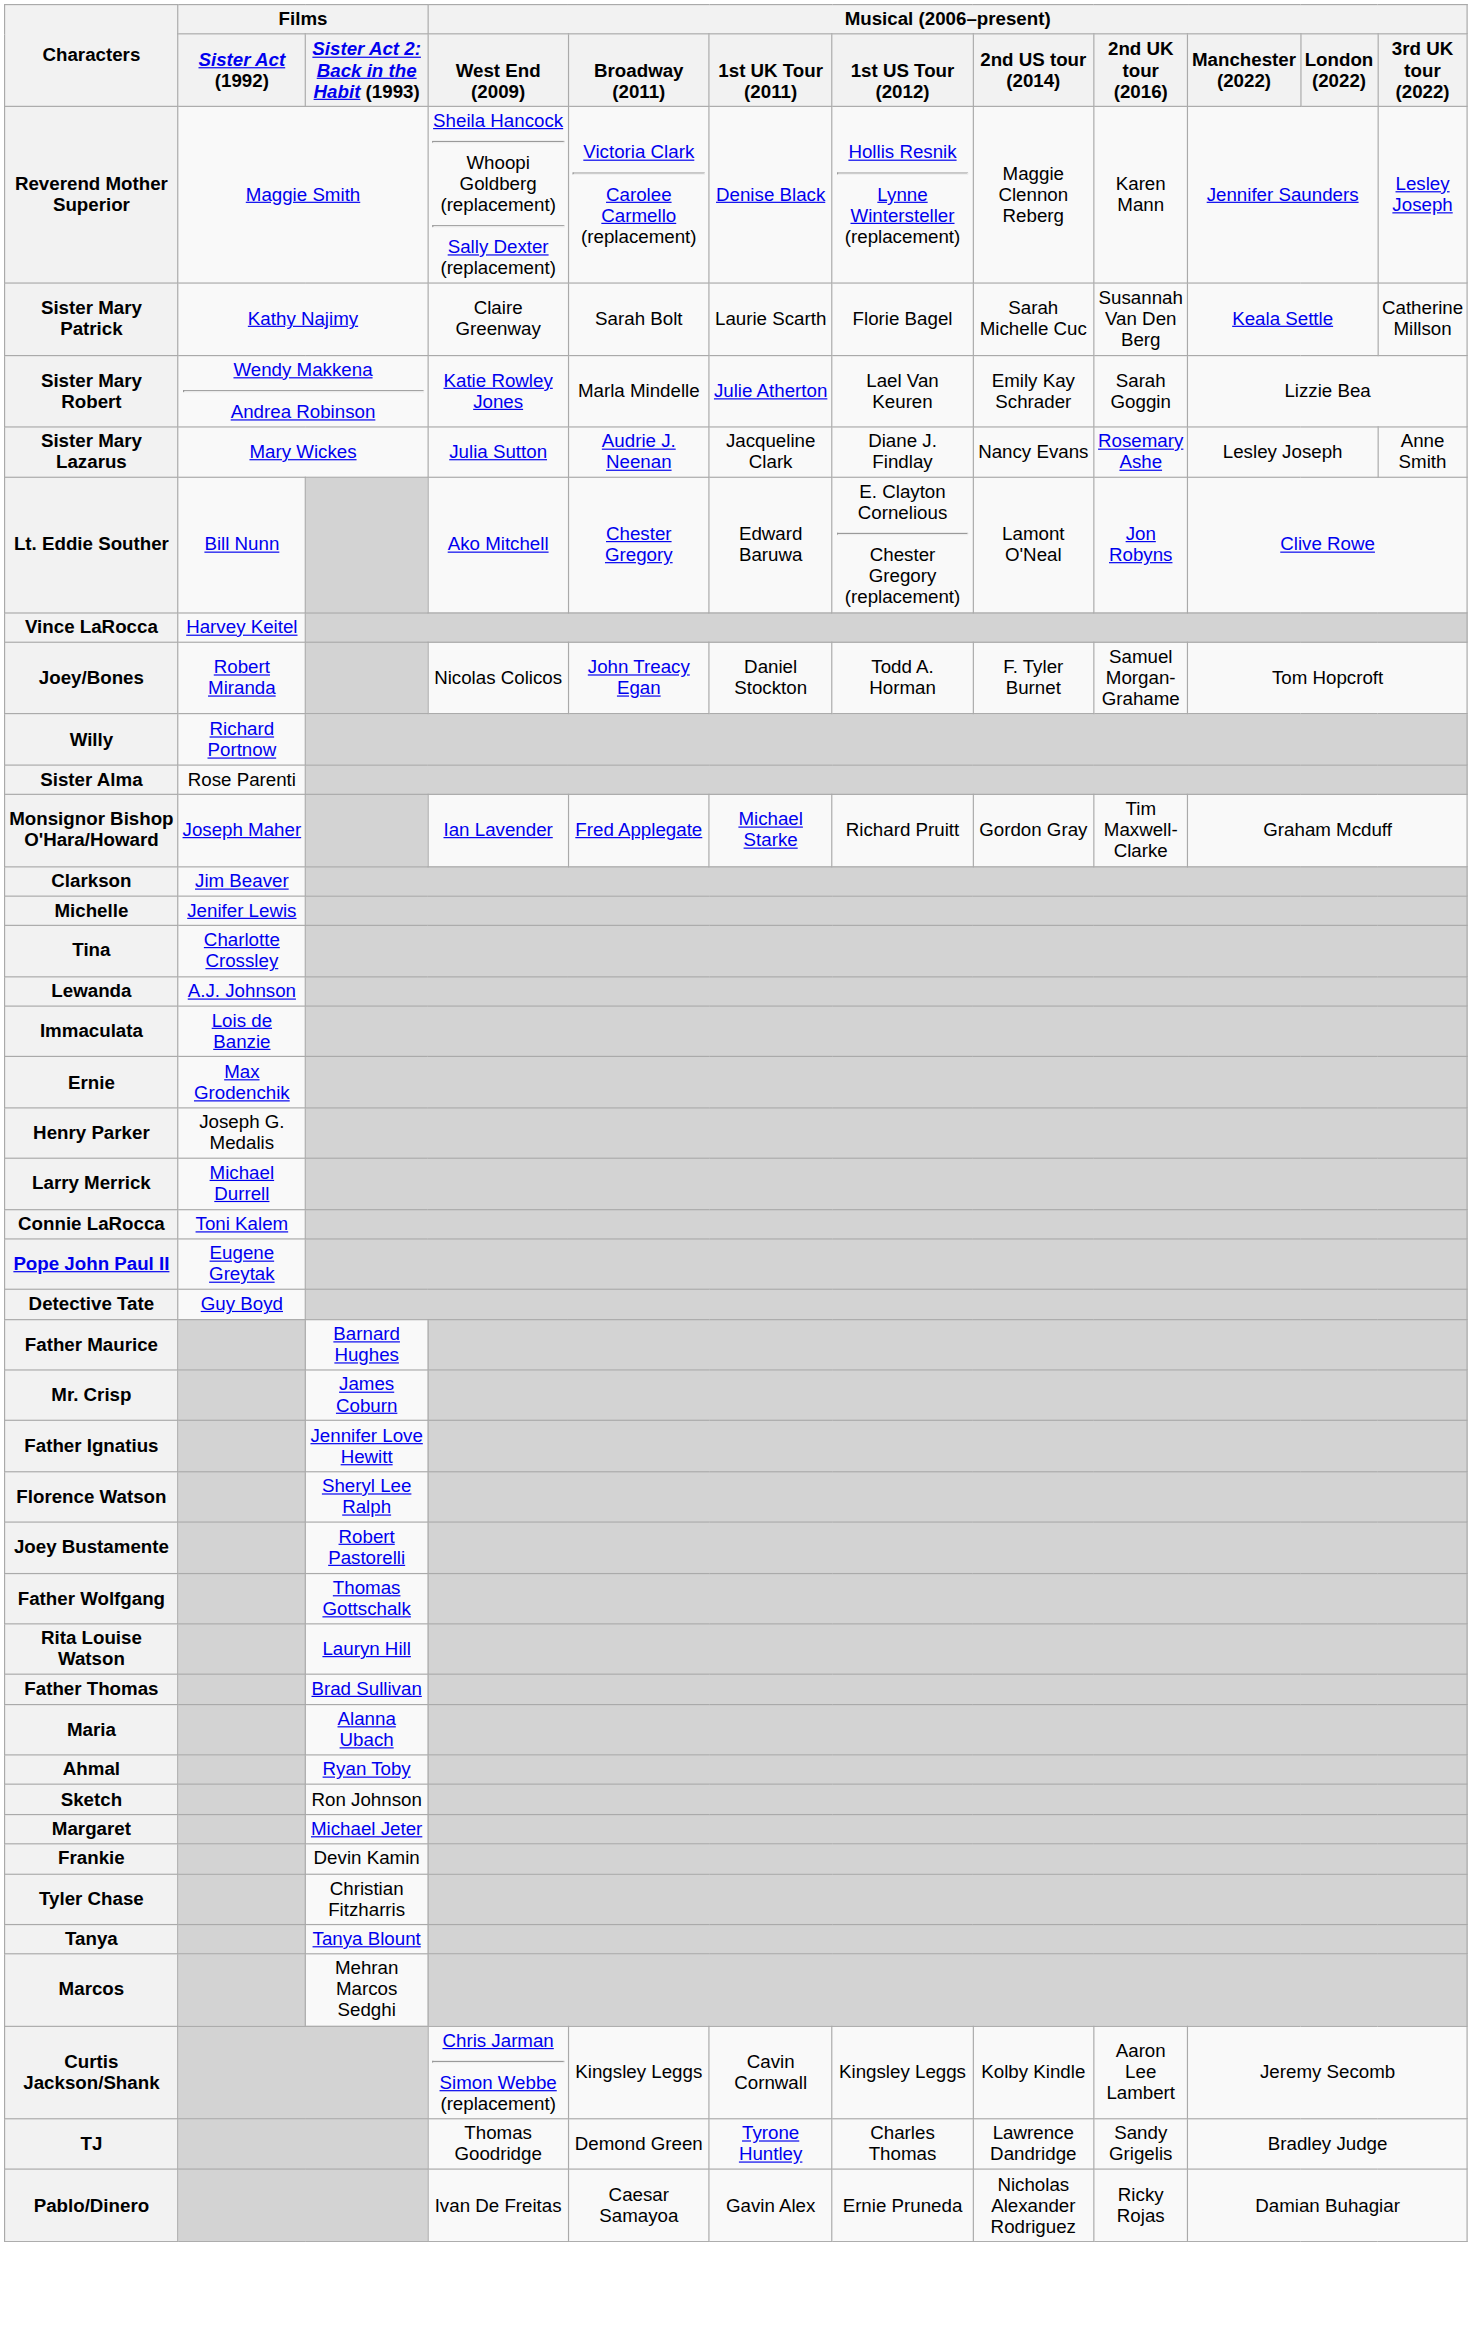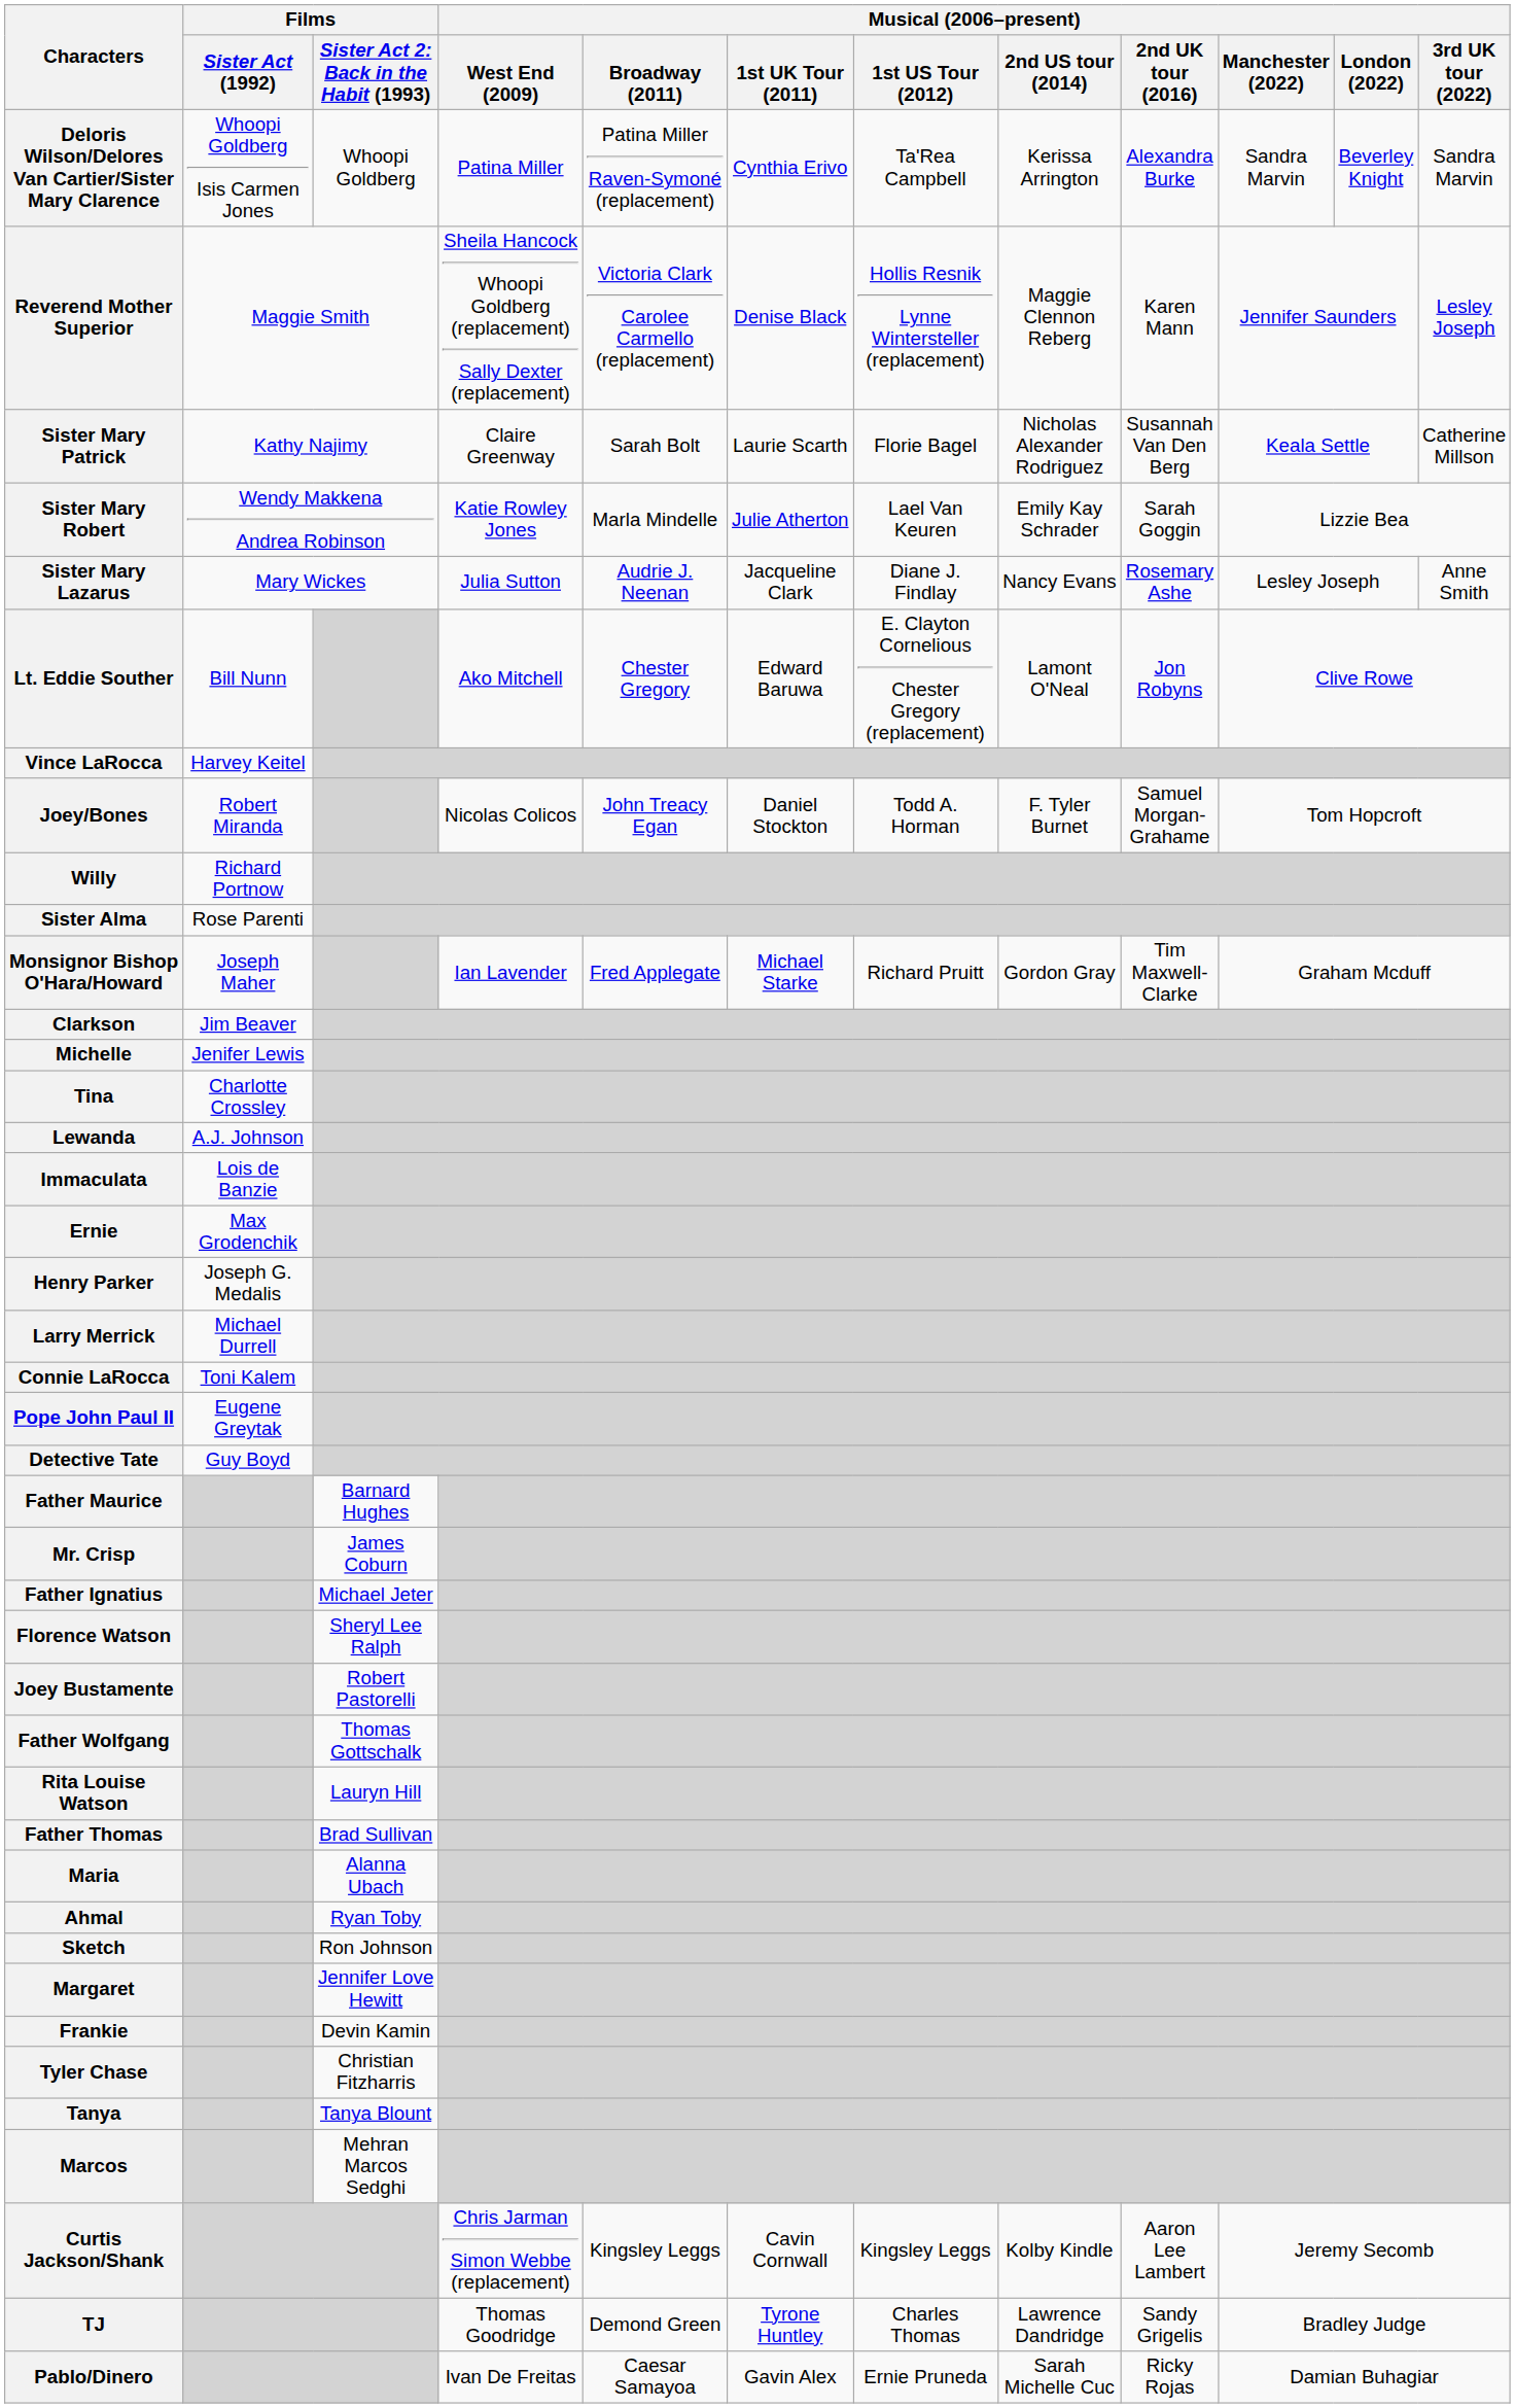 <table class="wikitable"  style="text-align:center; width:99%;">
 <tr>
 <th rowspan="2" style="width:16%">Characters</th>
 <th colspan="2">Films</th>
 <th colspan="9">Musical (2006–present)</th>
 </tr>
 <tr>
 <th align="center" width="12%"><em><a href='#'>Sister Act</a></em> (1992)</th>
 <th align="center" width="12%"><em><a href='#'>Sister Act 2: Back in the Habit</a></em> (1993)</th>
 <th align="center" width="12%"><br>West End (2009)</th>
 <th align="center" width="12%"><br>Broadway (2011)</th>
 <th align="center" width="12%"><br>1st UK Tour (2011)</th>
 <th align="center" width="12%"><br>1st US Tour (2012)</th>
 <th align="center" width="12%">2nd US tour (2014)</th>
 <th align="center" width="12%">2nd UK tour (2016)</th>
 <th align="center" width="12%">Manchester (2022)</th>
 <th align="center" width="12%">London (2022)</th>
 <th align="center" width="12%">3rd UK tour (2022)</th>
 </tr>
 <tr>
+<th>Deloris Wilson/Delores Van Cartier/Sister Mary Clarence</th>
+<td><a href='#'>Whoopi Goldberg</a><hr>Isis Carmen Jones</td>
+<td>Whoopi Goldberg</td>
+<td><a href='#'>Patina Miller</a></td>
+<td>Patina Miller<hr><a href='#'>Raven-Symoné</a> (replacement)</td>
+<td><a href='#'>Cynthia Erivo</a></td>
+<td>Ta'Rea Campbell</td>
+<td>Kerissa Arrington</td>
+<td><a href='#'>Alexandra Burke</a></td>
+<td>Sandra Marvin</td>
+<td><a href='#'>Beverley Knight</a></td>
+<td>Sandra Marvin</td>
+</tr>
+<tr>
 <th>Reverend Mother Superior</th>
 <td colspan="2"><a href='#'>Maggie Smith</a></td>
 <td><a href='#'>Sheila Hancock</a><hr>Whoopi Goldberg (replacement)<hr><a href='#'>Sally Dexter</a> (replacement)</td>
 <td><a href='#'>Victoria Clark</a><hr><a href='#'>Carolee Carmello</a> (replacement)</td>
 <td><a href='#'>Denise Black</a></td>
 <td><a href='#'>Hollis Resnik</a><hr><a href='#'>Lynne Wintersteller</a> (replacement)</td>
 <td>Maggie Clennon Reberg</td>
 <td>Karen Mann</td>
 <td colspan="2"><a href='#'>Jennifer Saunders</a></td>
 <td><a href='#'>Lesley Joseph</a></td>
 </tr>
 <tr>
 <th>Sister Mary Patrick</th>
 <td colspan="2"><a href='#'>Kathy Najimy</a></td>
 <td>Claire Greenway</td>
 <td>Sarah Bolt</td>
 <td>Laurie Scarth</td>
 <td>Florie Bagel</td>
-<td>Sarah Michelle Cuc</td>
+<td>Nicholas Alexander Rodriguez</td>
 <td>Susannah Van Den Berg</td>
 <td colspan="2"><a href='#'>Keala Settle</a></td>
 <td>Catherine Millson</td>
 </tr>
 <tr>
 <th>Sister Mary Robert</th>
 <td colspan="2"><a href='#'>Wendy Makkena</a><hr><a href='#'>Andrea Robinson</a></td>
 <td><a href='#'>Katie Rowley Jones</a></td>
 <td>Marla Mindelle</td>
 <td><a href='#'>Julie Atherton</a></td>
 <td>Lael Van Keuren</td>
 <td>Emily Kay Schrader</td>
 <td>Sarah Goggin</td>
 <td colspan="3">Lizzie Bea</td>
 </tr>
 <tr>
 <th>Sister Mary Lazarus</th>
 <td colspan="2"><a href='#'>Mary Wickes</a></td>
 <td><a href='#'>Julia Sutton</a></td>
 <td><a href='#'>Audrie J. Neenan</a></td>
 <td>Jacqueline Clark</td>
 <td>Diane J. Findlay</td>
 <td>Nancy Evans</td>
 <td><a href='#'>Rosemary Ashe</a></td>
 <td colspan="2">Lesley Joseph</td>
 <td>Anne Smith</td>
 </tr>
 <tr>
 <th>Lt. Eddie Souther</th>
 <td><a href='#'>Bill Nunn</a></td>
 <td style="background:lightgrey;"></td>
 <td><a href='#'>Ako Mitchell</a></td>
 <td><a href='#'>Chester Gregory</a></td>
 <td>Edward Baruwa</td>
 <td>E. Clayton Cornelious<hr>Chester Gregory (replacement)</td>
 <td>Lamont O'Neal</td>
 <td><a href='#'>Jon Robyns</a></td>
 <td colspan="3"><a href='#'>Clive Rowe</a></td>
 </tr>
 <tr>
 <th>Vince LaRocca</th>
 <td><a href='#'>Harvey Keitel</a></td>
 <td style="background:lightgrey;" colspan="10"></td>
 </tr>
 <tr>
 <th>Joey/Bones</th>
 <td><a href='#'>Robert Miranda</a></td>
 <td style="background:lightgrey;"></td>
 <td>Nicolas Colicos</td>
 <td><a href='#'>John Treacy Egan</a></td>
 <td>Daniel Stockton</td>
 <td>Todd A. Horman</td>
 <td>F. Tyler Burnet</td>
 <td>Samuel Morgan-Grahame</td>
 <td colspan="3">Tom Hopcroft</td>
 </tr>
 <tr>
 <th>Willy</th>
 <td><a href='#'>Richard Portnow</a></td>
 <td style="background:lightgrey;" colspan="10"></td>
 </tr>
 <tr>
 <th>Sister Alma</th>
 <td>Rose Parenti</td>
 <td style="background:lightgrey;" colspan="10"></td>
 </tr>
 <tr>
 <th>Monsignor Bishop O'Hara/Howard</th>
 <td><a href='#'>Joseph Maher</a></td>
 <td style="background:lightgrey;"></td>
 <td><a href='#'>Ian Lavender</a></td>
 <td><a href='#'>Fred Applegate</a></td>
 <td><a href='#'>Michael Starke</a></td>
 <td>Richard Pruitt</td>
 <td>Gordon Gray</td>
 <td>Tim Maxwell-Clarke</td>
 <td colspan="3">Graham Mcduff</td>
 </tr>
 <tr>
 <th>Clarkson</th>
 <td><a href='#'>Jim Beaver</a></td>
 <td style="background:lightgrey;" colspan="10"></td>
 </tr>
 <tr>
 <th>Michelle</th>
 <td><a href='#'>Jenifer Lewis</a></td>
 <td style="background:lightgrey;" colspan="10"></td>
 </tr>
 <tr>
 <th>Tina</th>
 <td><a href='#'>Charlotte Crossley</a></td>
 <td style="background:lightgrey;" colspan="10"></td>
 </tr>
 <tr>
 <th>Lewanda</th>
 <td><a href='#'>A.J. Johnson</a></td>
 <td style="background:lightgrey;" colspan="10"></td>
 </tr>
 <tr>
 <th>Immaculata</th>
 <td><a href='#'>Lois de Banzie</a></td>
 <td style="background:lightgrey;" colspan="10"></td>
 </tr>
 <tr>
 <th>Ernie</th>
 <td><a href='#'>Max Grodenchik</a></td>
 <td style="background:lightgrey;" colspan="10"></td>
 </tr>
 <tr>
 <th>Henry Parker</th>
 <td>Joseph G. Medalis</td>
 <td style="background:lightgrey;" colspan="10"></td>
 </tr>
 <tr>
 <th>Larry Merrick</th>
 <td><a href='#'>Michael Durrell</a></td>
 <td style="background:lightgrey;" colspan="10"></td>
 </tr>
 <tr>
 <th>Connie LaRocca</th>
 <td><a href='#'>Toni Kalem</a></td>
 <td style="background:lightgrey;" colspan="10"></td>
 </tr>
 <tr>
 <th><a href='#'>Pope John Paul II</a></th>
 <td><a href='#'>Eugene Greytak</a></td>
 <td style="background:lightgrey;" colspan="10"></td>
 </tr>
 <tr>
 <th>Detective Tate</th>
 <td><a href='#'>Guy Boyd</a></td>
 <td style="background:lightgrey;" colspan="10"></td>
 </tr>
 <tr>
 <th>Father Maurice</th>
 <td style="background:lightgrey;"></td>
 <td><a href='#'>Barnard Hughes</a></td>
 <td style="background:lightgrey;" colspan="9"></td>
 </tr>
 <tr>
 <th>Mr. Crisp</th>
 <td style="background:lightgrey;"></td>
 <td><a href='#'>James Coburn</a></td>
 <td style="background:lightgrey;" colspan="9"></td>
 </tr>
 <tr>
 <th>Father Ignatius</th>
 <td style="background:lightgrey;"></td>
-<td><a href='#'>Jennifer Love Hewitt</a></td>
+<td><a href='#'>Michael Jeter</a></td>
 <td style="background:lightgrey;" colspan="9"></td>
 </tr>
 <tr>
 <th>Florence Watson</th>
 <td style="background:lightgrey;"></td>
 <td><a href='#'>Sheryl Lee Ralph</a></td>
 <td style="background:lightgrey;" colspan="9"></td>
 </tr>
 <tr>
 <th>Joey Bustamente</th>
 <td style="background:lightgrey;"></td>
 <td><a href='#'>Robert Pastorelli</a></td>
 <td style="background:lightgrey;" colspan="9"></td>
 </tr>
 <tr>
 <th>Father Wolfgang</th>
 <td style="background:lightgrey;"></td>
 <td><a href='#'>Thomas Gottschalk</a></td>
 <td style="background:lightgrey;" colspan="9"></td>
 </tr>
 <tr>
 <th>Rita Louise Watson</th>
 <td style="background:lightgrey;"></td>
 <td><a href='#'>Lauryn Hill</a></td>
 <td style="background:lightgrey;" colspan="9"></td>
 </tr>
 <tr>
 <th>Father Thomas</th>
 <td style="background:lightgrey;"></td>
 <td><a href='#'>Brad Sullivan</a></td>
 <td style="background:lightgrey;" colspan="9"></td>
 </tr>
 <tr>
 <th>Maria</th>
 <td style="background:lightgrey;"></td>
 <td><a href='#'>Alanna Ubach</a></td>
 <td style="background:lightgrey;" colspan="9"></td>
 </tr>
 <tr>
 <th>Ahmal</th>
 <td style="background:lightgrey;"></td>
 <td><a href='#'>Ryan Toby</a></td>
 <td style="background:lightgrey;" colspan="9"></td>
 </tr>
 <tr>
 <th>Sketch</th>
 <td style="background:lightgrey"></td>
 <td>Ron Johnson</td>
 <td style="background:lightgrey;" colspan="9"></td>
 </tr>
 <tr>
 <th>Margaret</th>
 <td style="background:lightgrey;"></td>
-<td><a href='#'>Michael Jeter</a></td>
+<td><a href='#'>Jennifer Love Hewitt</a></td>
 <td style="background:lightgrey;" colspan="9"></td>
 </tr>
 <tr>
 <th>Frankie</th>
 <td style="background:lightgrey;"></td>
 <td>Devin Kamin</td>
 <td style="background:lightgrey;" colspan="9"></td>
 </tr>
 <tr>
 <th>Tyler Chase</th>
 <td style="background:lightgrey;"></td>
 <td>Christian Fitzharris</td>
 <td style="background:lightgrey;" colspan="9"></td>
 </tr>
 <tr>
 <th>Tanya</th>
 <td style="background:lightgrey;"></td>
 <td><a href='#'>Tanya Blount</a></td>
 <td style="background:lightgrey;" colspan="9"></td>
 </tr>
 <tr>
 <th>Marcos</th>
 <td style="background:lightgrey;"></td>
 <td>Mehran Marcos Sedghi</td>
 <td style="background:lightgrey;" colspan="9"></td>
 </tr>
 <tr>
 <th>Curtis Jackson/Shank</th>
 <td style="background:lightgrey;" colspan="2"></td>
 <td><a href='#'>Chris Jarman</a><hr><a href='#'>Simon Webbe</a> (replacement)</td>
 <td>Kingsley Leggs</td>
 <td>Cavin Cornwall</td>
 <td>Kingsley Leggs</td>
 <td>Kolby Kindle</td>
 <td>Aaron Lee Lambert</td>
 <td colspan="3">Jeremy Secomb</td>
 </tr>
 <tr>
 <th>TJ</th>
 <td style="background:lightgrey;" colspan="2"></td>
 <td>Thomas Goodridge</td>
 <td>Demond Green</td>
 <td><a href='#'>Tyrone Huntley</a></td>
 <td>Charles Thomas</td>
 <td>Lawrence Dandridge</td>
 <td>Sandy Grigelis</td>
 <td colspan="3">Bradley Judge</td>
 </tr>
 <tr>
 <th>Pablo/Dinero</th>
 <td style="background:lightgrey;" colspan="2"></td>
 <td>Ivan De Freitas</td>
 <td>Caesar Samayoa</td>
 <td>Gavin Alex</td>
 <td>Ernie Pruneda</td>
-<td>Nicholas Alexander Rodriguez</td>
+<td>Sarah Michelle Cuc</td>
 <td>Ricky Rojas</td>
 <td colspan="3">Damian Buhagiar</td>
 </tr>
 </table>
